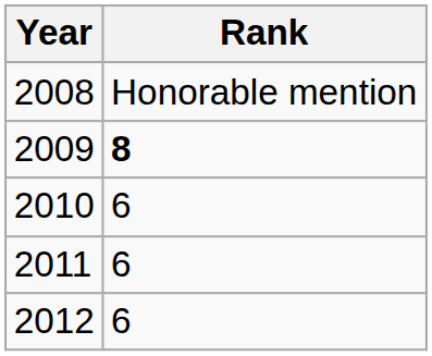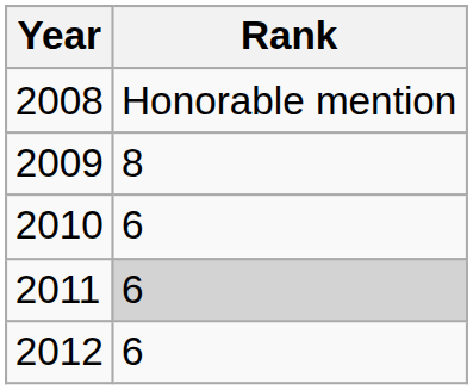 <table class="wikitable">
 <tr>
 <th>Year</th>
 <th>Rank</th>
 </tr>
 <tr>
 <td>2008</td>
 <td>Honorable mention</td>
 </tr>
 <tr>
 <td>2009</td>
-<td><strong>8</strong></td>
+<td>8</td>
 </tr>
 <tr>
 <td>2010</td>
 <td>6</td>
 </tr>
 <tr>
 <td>2011</td>
-<td>6</td>
+<td style="background: lightgrey;">6</td>
 </tr>
 <tr>
 <td>2012</td>
 <td>6</td>
 </tr>
 </table>
